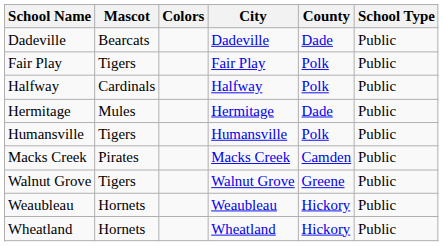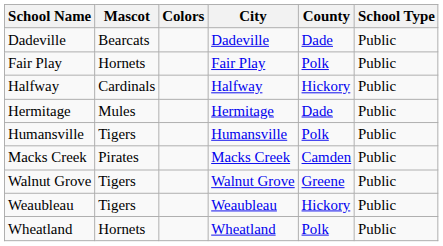 <table class="wikitable">
 <tr>
 <th>School Name</th>
 <th>Mascot</th>
 <th>Colors</th>
 <th>City</th>
 <th>County</th>
 <th>School Type</th>
 </tr>
 <tr>
 <td>Dadeville</td>
 <td>Bearcats</td>
 <td></td>
 <td><a href='#'>Dadeville</a></td>
 <td><a href='#'>Dade</a></td>
 <td>Public</td>
 </tr>
 <tr>
 <td>Fair Play</td>
-<td>Tigers</td>
+<td>Hornets</td>
 <td></td>
 <td><a href='#'>Fair Play</a></td>
 <td><a href='#'>Polk</a></td>
 <td>Public</td>
 </tr>
 <tr>
 <td>Halfway</td>
 <td>Cardinals</td>
 <td></td>
 <td><a href='#'>Halfway</a></td>
-<td><a href='#'>Polk</a></td>
+<td><a href='#'>Hickory</a></td>
 <td>Public</td>
 </tr>
 <tr>
 <td>Hermitage</td>
 <td>Mules</td>
 <td></td>
 <td><a href='#'>Hermitage</a></td>
 <td><a href='#'>Dade</a></td>
 <td>Public</td>
 </tr>
 <tr>
 <td>Humansville</td>
 <td>Tigers</td>
 <td></td>
 <td><a href='#'>Humansville</a></td>
 <td><a href='#'>Polk</a></td>
 <td>Public</td>
 </tr>
 <tr>
 <td>Macks Creek</td>
 <td>Pirates</td>
 <td></td>
 <td><a href='#'>Macks Creek</a></td>
 <td><a href='#'>Camden</a></td>
 <td>Public</td>
 </tr>
 <tr>
 <td>Walnut Grove</td>
 <td>Tigers</td>
 <td></td>
 <td><a href='#'>Walnut Grove</a></td>
 <td><a href='#'>Greene</a></td>
 <td>Public</td>
 </tr>
 <tr>
 <td>Weaubleau</td>
-<td>Hornets</td>
+<td>Tigers</td>
 <td></td>
 <td><a href='#'>Weaubleau</a></td>
 <td><a href='#'>Hickory</a></td>
 <td>Public</td>
 </tr>
 <tr>
 <td>Wheatland</td>
 <td>Hornets</td>
 <td></td>
 <td><a href='#'>Wheatland</a></td>
-<td><a href='#'>Hickory</a></td>
+<td><a href='#'>Polk</a></td>
 <td>Public</td>
 </tr>
 </table>
